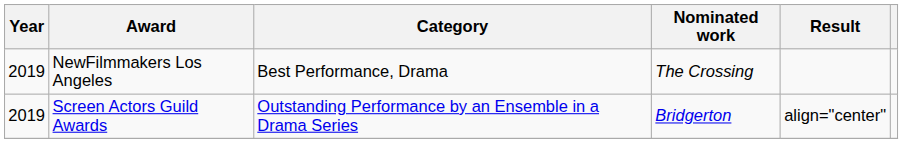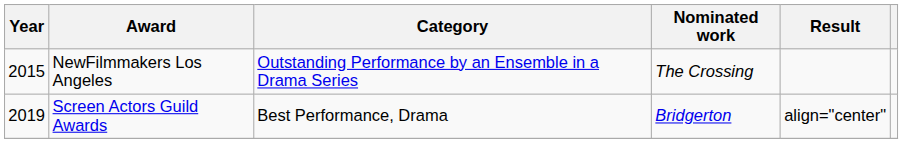 <table class="wikitable plainrowheaders sortable">
 <tr>
 <th>Year</th>
 <th>Award</th>
 <th>Category</th>
 <th>Nominated work</th>
 <th>Result</th>
 <th class="unsortable"></th>
 </tr>
 <tr>
-<td>2019</td>
+<td>2015</td>
 <td>NewFilmmakers Los Angeles</td>
-<td>Best Performance, Drama</td>
+<td><a href='#'>Outstanding Performance by an Ensemble in a Drama Series</a></td>
 <td><em>The Crossing</em></td>
 <td></td>
 <td></td>
 </tr>
 <tr>
 <td>2019</td>
 <td><a href='#'>Screen Actors Guild Awards</a></td>
-<td><a href='#'>Outstanding Performance by an Ensemble in a Drama Series</a></td>
+<td>Best Performance, Drama</td>
 <td><em><a href='#'>Bridgerton</a></em></td>
 <td>align="center"</td>
 <td></td>
 </tr>
 <tr>
 </tr>
 </table>
